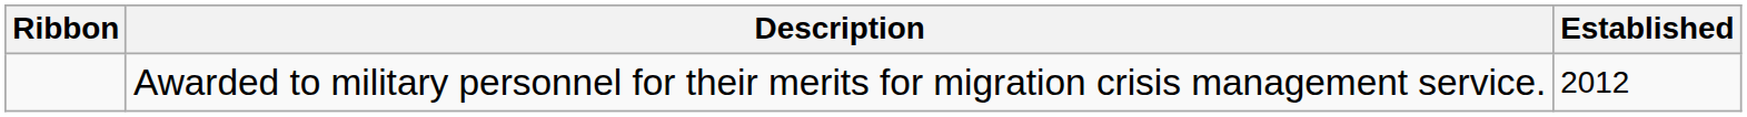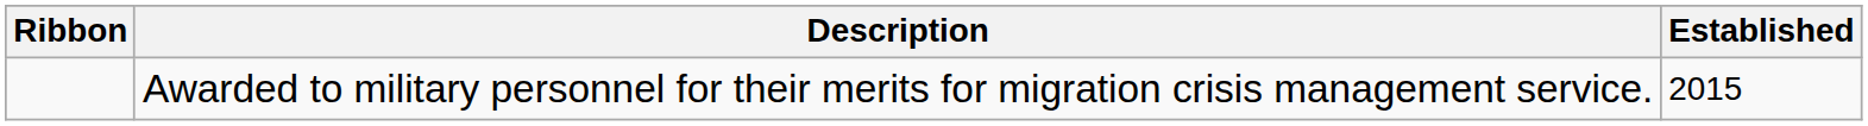 <table class="wikitable">
 <tr>
 <th>Ribbon</th>
 <th>Description</th>
 <th>Established</th>
 </tr>
 <tr>
 <td><big></big></td>
 <td><big>Awarded to military personnel for their merits for migration crisis management service.</big></td>
-<td>2012</td>
+<td>2015</td>
 </tr>
 </table>
